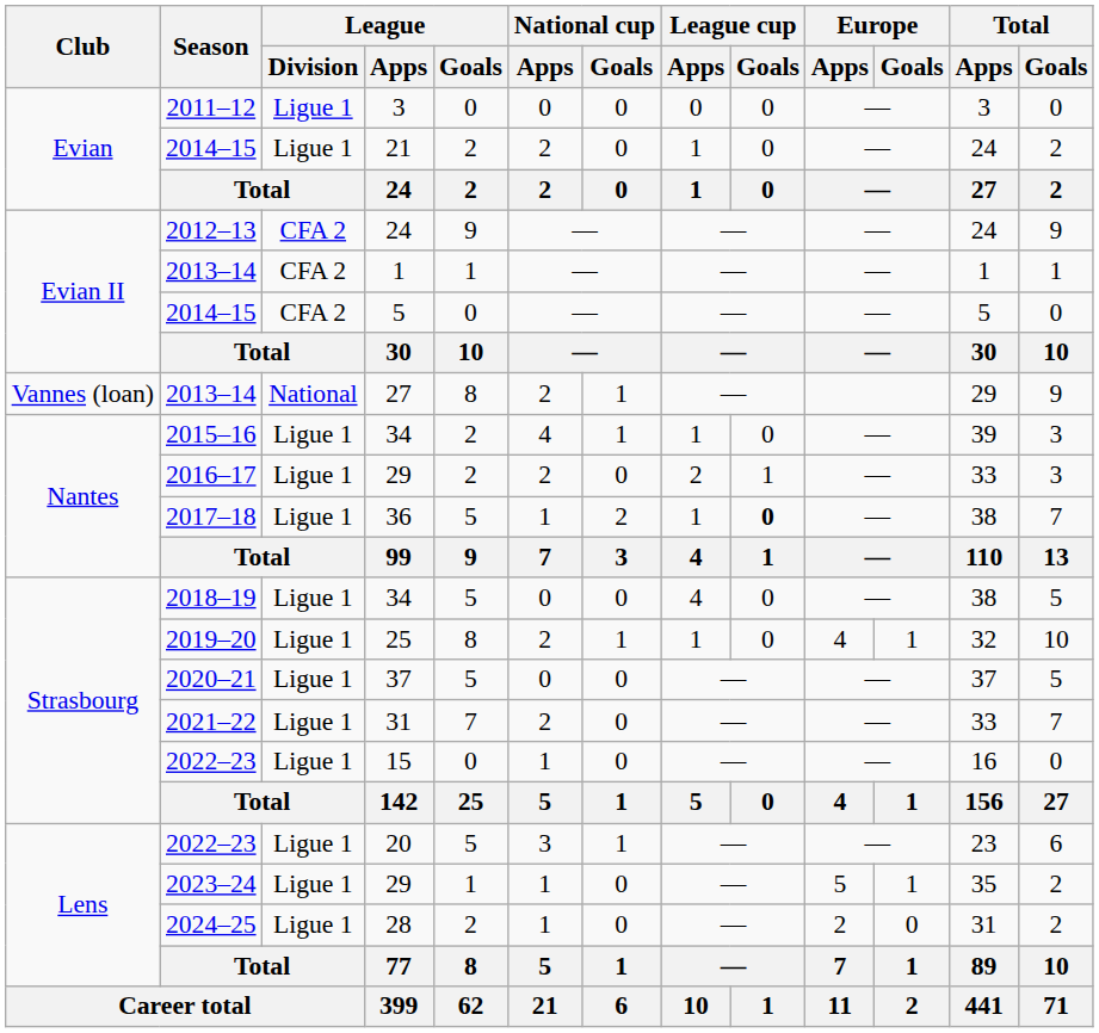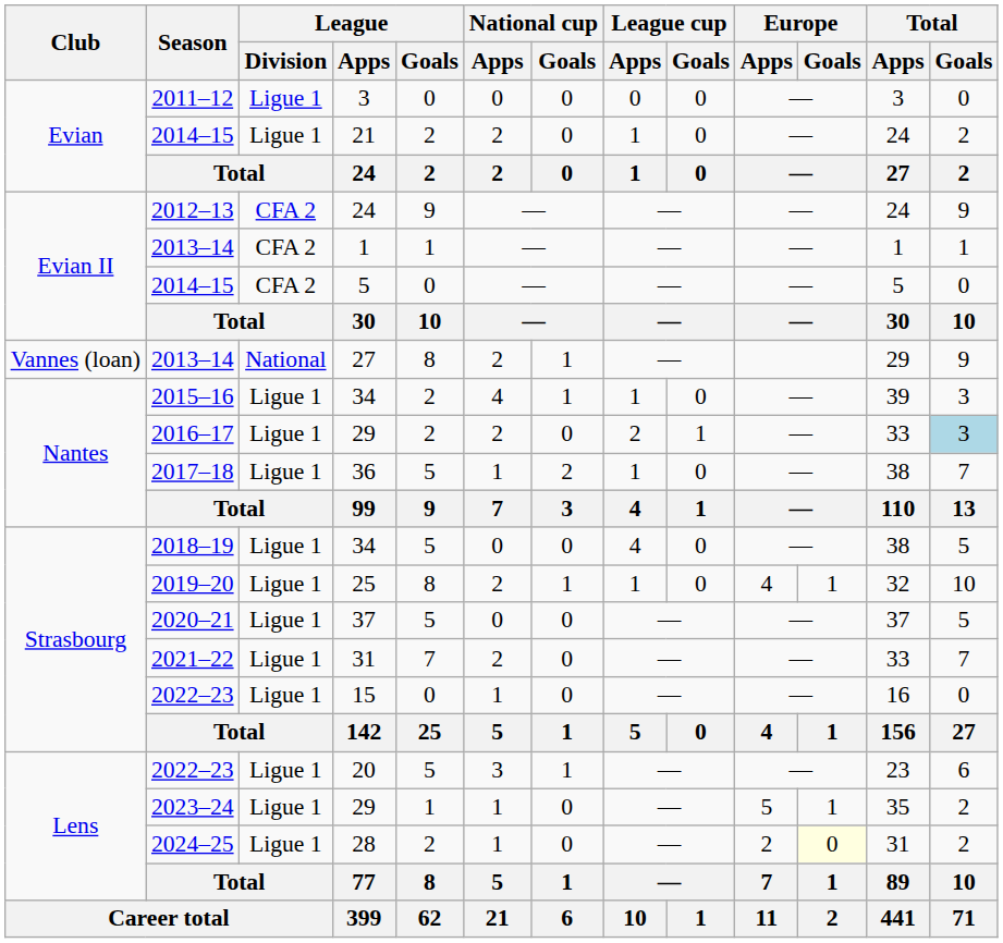 <table class="wikitable" style="text-align:center">
 <tr>
 <th rowspan="2">Club</th>
 <th rowspan="2">Season</th>
 <th colspan="3">League</th>
 <th colspan="2">National cup</th>
 <th colspan="2">League cup</th>
 <th colspan="2">Europe</th>
 <th colspan="2">Total</th>
 </tr>
 <tr>
 <th>Division</th>
 <th>Apps</th>
 <th>Goals</th>
 <th>Apps</th>
 <th>Goals</th>
 <th>Apps</th>
 <th>Goals</th>
 <th>Apps</th>
 <th>Goals</th>
 <th>Apps</th>
 <th>Goals</th>
 </tr>
 <tr>
 <td rowspan="3"><a href='#'>Evian</a></td>
 <td><a href='#'>2011–12</a></td>
 <td><a href='#'>Ligue 1</a></td>
 <td>3</td>
 <td>0</td>
 <td>0</td>
 <td>0</td>
 <td>0</td>
 <td>0</td>
 <td colspan="2">—</td>
 <td>3</td>
 <td>0</td>
 </tr>
 <tr>
 <td><a href='#'>2014–15</a></td>
 <td>Ligue 1</td>
 <td>21</td>
 <td>2</td>
 <td>2</td>
 <td>0</td>
 <td>1</td>
 <td>0</td>
 <td colspan="2">—</td>
 <td>24</td>
 <td>2</td>
 </tr>
 <tr>
 <th colspan="2">Total</th>
 <th>24</th>
 <th>2</th>
 <th>2</th>
 <th>0</th>
 <th>1</th>
 <th>0</th>
 <th colspan="2">—</th>
 <th>27</th>
 <th>2</th>
 </tr>
 <tr>
 <td rowspan="4"><a href='#'>Evian II</a></td>
 <td><a href='#'>2012–13</a></td>
 <td><a href='#'>CFA 2</a></td>
 <td>24</td>
 <td>9</td>
 <td colspan="2">—</td>
 <td colspan="2">—</td>
 <td colspan="2">—</td>
 <td>24</td>
 <td>9</td>
 </tr>
 <tr>
 <td><a href='#'>2013–14</a></td>
 <td>CFA 2</td>
 <td>1</td>
 <td>1</td>
 <td colspan="2">—</td>
 <td colspan="2">—</td>
 <td colspan="2">—</td>
 <td>1</td>
 <td>1</td>
 </tr>
 <tr>
 <td><a href='#'>2014–15</a></td>
 <td>CFA 2</td>
 <td>5</td>
 <td>0</td>
 <td colspan="2">—</td>
 <td colspan="2">—</td>
 <td colspan="2">—</td>
 <td>5</td>
 <td>0</td>
 </tr>
 <tr>
 <th colspan="2">Total</th>
 <th>30</th>
 <th>10</th>
 <th colspan="2">—</th>
 <th colspan="2">—</th>
 <th colspan="2">—</th>
 <th>30</th>
 <th>10</th>
 </tr>
 <tr>
 <td><a href='#'>Vannes</a> (loan)</td>
 <td><a href='#'>2013–14</a></td>
 <td><a href='#'>National</a></td>
 <td>27</td>
 <td>8</td>
 <td>2</td>
 <td>1</td>
 <td colspan="2">—</td>
 <td colspan="2"></td>
 <td>29</td>
 <td>9</td>
 </tr>
 <tr>
 <td rowspan="4"><a href='#'>Nantes</a></td>
 <td><a href='#'>2015–16</a></td>
 <td>Ligue 1</td>
 <td>34</td>
 <td>2</td>
 <td>4</td>
 <td>1</td>
 <td>1</td>
 <td>0</td>
 <td colspan="2">—</td>
 <td>39</td>
 <td>3</td>
 </tr>
 <tr>
 <td><a href='#'>2016–17</a></td>
 <td>Ligue 1</td>
 <td>29</td>
 <td>2</td>
 <td>2</td>
 <td>0</td>
 <td>2</td>
 <td>1</td>
 <td colspan="2">—</td>
 <td>33</td>
-<td>3</td>
+<td style="background: lightblue;">3</td>
 </tr>
 <tr>
 <td><a href='#'>2017–18</a></td>
 <td>Ligue 1</td>
 <td>36</td>
 <td>5</td>
 <td>1</td>
 <td>2</td>
 <td>1</td>
-<td><strong>0</strong></td>
+<td>0</td>
 <td colspan="2">—</td>
 <td>38</td>
 <td>7</td>
 </tr>
 <tr>
 <th colspan="2">Total</th>
 <th>99</th>
 <th>9</th>
 <th>7</th>
 <th>3</th>
 <th>4</th>
 <th>1</th>
 <th colspan="2">—</th>
 <th>110</th>
 <th>13</th>
 </tr>
 <tr>
 <td rowspan="6"><a href='#'>Strasbourg</a></td>
 <td><a href='#'>2018–19</a></td>
 <td>Ligue 1</td>
 <td>34</td>
 <td>5</td>
 <td>0</td>
 <td>0</td>
 <td>4</td>
 <td>0</td>
 <td colspan="2">—</td>
 <td>38</td>
 <td>5</td>
 </tr>
 <tr>
 <td><a href='#'>2019–20</a></td>
 <td>Ligue 1</td>
 <td>25</td>
 <td>8</td>
 <td>2</td>
 <td>1</td>
 <td>1</td>
 <td>0</td>
 <td>4</td>
 <td>1</td>
 <td>32</td>
 <td>10</td>
 </tr>
 <tr>
 <td><a href='#'>2020–21</a></td>
 <td>Ligue 1</td>
 <td>37</td>
 <td>5</td>
 <td>0</td>
 <td>0</td>
 <td colspan="2">—</td>
 <td colspan="2">—</td>
 <td>37</td>
 <td>5</td>
 </tr>
 <tr>
 <td><a href='#'>2021–22</a></td>
 <td>Ligue 1</td>
 <td>31</td>
 <td>7</td>
 <td>2</td>
 <td>0</td>
 <td colspan="2">—</td>
 <td colspan="2">—</td>
 <td>33</td>
 <td>7</td>
 </tr>
 <tr>
 <td><a href='#'>2022–23</a></td>
 <td>Ligue 1</td>
 <td>15</td>
 <td>0</td>
 <td>1</td>
 <td>0</td>
 <td colspan="2">—</td>
 <td colspan="2">—</td>
 <td>16</td>
 <td>0</td>
 </tr>
 <tr>
 <th colspan="2">Total</th>
 <th>142</th>
 <th>25</th>
 <th>5</th>
 <th>1</th>
 <th>5</th>
 <th>0</th>
 <th>4</th>
 <th>1</th>
 <th>156</th>
 <th>27</th>
 </tr>
 <tr>
 <td rowspan="4"><a href='#'>Lens</a></td>
 <td><a href='#'>2022–23</a></td>
 <td>Ligue 1</td>
 <td>20</td>
 <td>5</td>
 <td>3</td>
 <td>1</td>
 <td colspan="2">—</td>
 <td colspan="2">—</td>
 <td>23</td>
 <td>6</td>
 </tr>
 <tr>
 <td><a href='#'>2023–24</a></td>
 <td>Ligue 1</td>
 <td>29</td>
 <td>1</td>
 <td>1</td>
 <td>0</td>
 <td colspan="2">—</td>
 <td>5</td>
 <td>1</td>
 <td>35</td>
 <td>2</td>
 </tr>
 <tr>
 <td><a href='#'>2024–25</a></td>
 <td>Ligue 1</td>
 <td>28</td>
 <td>2</td>
 <td>1</td>
 <td>0</td>
 <td colspan="2">—</td>
 <td>2</td>
-<td>0</td>
+<td style="background: lightyellow;">0</td>
 <td>31</td>
 <td>2</td>
 </tr>
 <tr>
 <th colspan="2">Total</th>
 <th>77</th>
 <th>8</th>
 <th>5</th>
 <th>1</th>
 <th colspan="2">—</th>
 <th>7</th>
 <th>1</th>
 <th>89</th>
 <th>10</th>
 </tr>
 <tr>
 <th colspan="3">Career total</th>
 <th>399</th>
 <th>62</th>
 <th>21</th>
 <th>6</th>
 <th>10</th>
 <th>1</th>
 <th>11</th>
 <th>2</th>
 <th>441</th>
 <th>71</th>
 </tr>
 </table>
